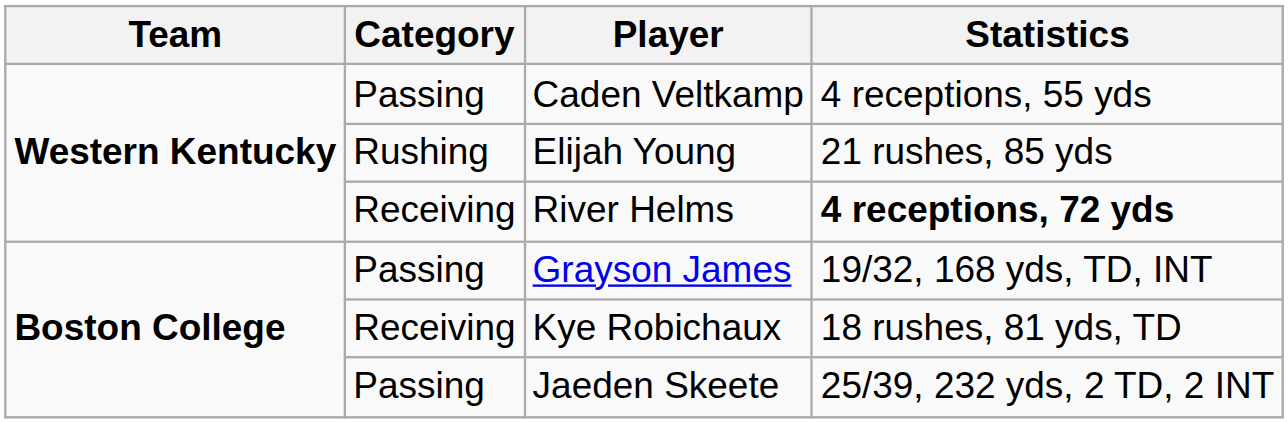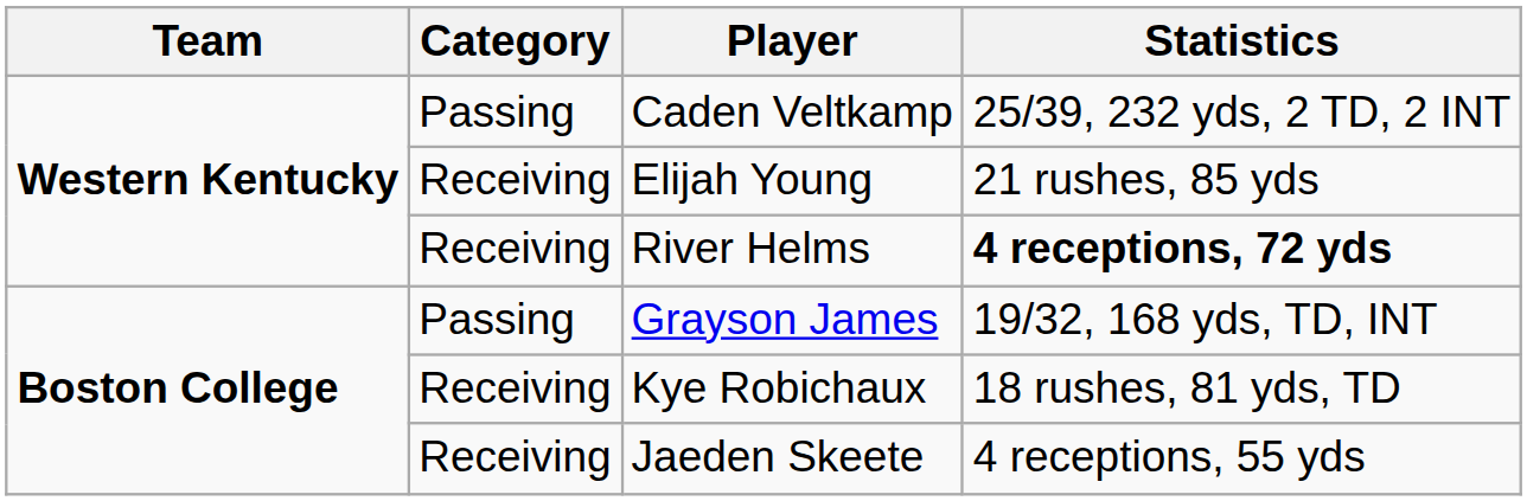 <table class="wikitable" style="float: right;">
 <tr>
 <th>Team</th>
 <th>Category</th>
 <th>Player</th>
 <th>Statistics</th>
 </tr>
 <tr>
 <td rowspan=3><strong>Western Kentucky</strong></td>
 <td>Passing</td>
 <td>Caden Veltkamp</td>
-<td>4 receptions, 55 yds</td>
+<td>25/39, 232 yds, 2 TD, 2 INT</td>
 </tr>
 <tr>
-<td>Rushing</td>
+<td>Receiving</td>
 <td>Elijah Young</td>
 <td>21 rushes, 85 yds</td>
 </tr>
 <tr>
 <td>Receiving</td>
 <td>River Helms</td>
 <td><strong>4 receptions, 72 yds</strong></td>
 </tr>
 <tr>
 <td rowspan=3><strong>Boston College</strong></td>
 <td>Passing</td>
 <td><a href='#'>Grayson James</a></td>
 <td>19/32, 168 yds, TD, INT</td>
 </tr>
 <tr>
 <td>Receiving</td>
 <td>Kye Robichaux</td>
 <td>18 rushes, 81 yds, TD</td>
 </tr>
 <tr>
-<td>Passing</td>
+<td>Receiving</td>
 <td>Jaeden Skeete</td>
-<td>25/39, 232 yds, 2 TD, 2 INT</td>
+<td>4 receptions, 55 yds</td>
 </tr>
 </table>
